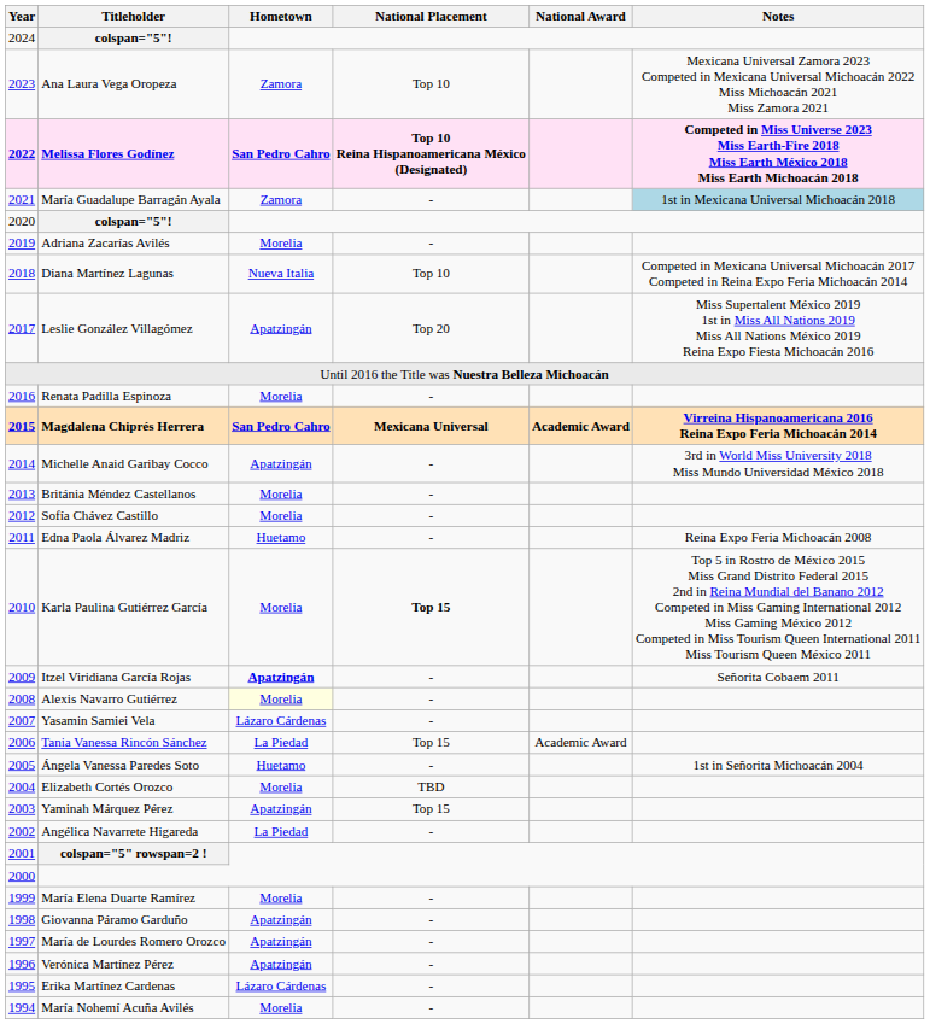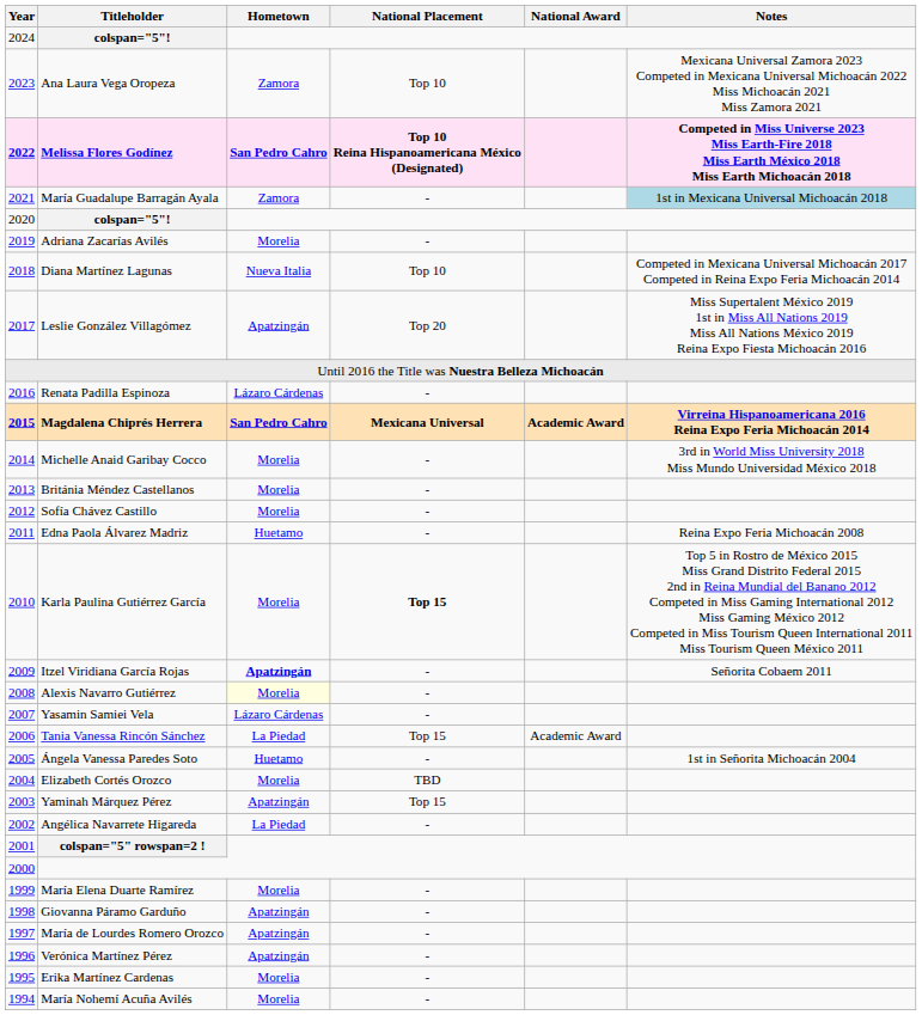 <table class="wikitable sortable" style="font-size:95%;">
 <tr>
 <th>Year</th>
 <th>Titleholder</th>
 <th>Hometown</th>
 <th>National Placement</th>
 <th>National Award</th>
 <th>Notes</th>
 </tr>
 <tr>
 <td align="center">2024</td>
 <th>colspan="5"!</th>
 </tr>
 <tr>
 <td align="center"><a href='#'>2023</a></td>
 <td>Ana Laura Vega Oropeza</td>
 <td align="center"><a href='#'>Zamora</a></td>
 <td align="center">Top 10</td>
 <td align="center"></td>
 <td align="center">Mexicana Universal Zamora 2023<br>Competed in Mexicana Universal Michoacán 2022<br>Miss Michoacán 2021<br>Miss Zamora 2021</td>
 </tr>
 <tr bgcolor="#FFE1F5">
 <td align="center"><strong><a href='#'>2022</a></strong></td>
 <td><strong><a href='#'>Melissa Flores Godínez</a></strong></td>
 <td align="center"><strong><a href='#'>San Pedro Cahro</a></strong></td>
 <td align="center"><strong>Top 10<br>Reina Hispanoamericana México<br>(Designated)</strong></td>
 <td align="center"></td>
 <td align="center"><strong>Competed in <a href='#'>Miss Universe 2023</a><br><a href='#'>Miss Earth-Fire 2018</a><br><a href='#'>Miss Earth México 2018</a><br>Miss Earth Michoacán 2018</strong></td>
 </tr>
 <tr>
 <td align="center"><a href='#'>2021</a></td>
 <td>María Guadalupe Barragán Ayala</td>
 <td align="center"><a href='#'>Zamora</a></td>
 <td align="center">-</td>
 <td align="center"></td>
 <td align="center" style="background: lightblue;">1st in Mexicana Universal Michoacán 2018</td>
 </tr>
 <tr>
 <td align="center">2020</td>
 <th>colspan="5"!</th>
 </tr>
 <tr>
 <td align="center"><a href='#'>2019</a></td>
 <td>Adriana Zacarías Avilés</td>
 <td align="center"><a href='#'>Morelia</a></td>
 <td align="center">-</td>
 <td align="center"></td>
 <td align="center"></td>
 </tr>
 <tr>
 <td align="center"><a href='#'>2018</a></td>
 <td>Diana Martínez Lagunas</td>
 <td align="center"><a href='#'>Nueva Italia</a></td>
 <td align="center">Top 10</td>
 <td align="center"></td>
 <td align="center">Competed in Mexicana Universal Michoacán 2017<br>Competed in Reina Expo Feria Michoacán 2014</td>
 </tr>
 <tr>
 <td align="center"><a href='#'>2017</a></td>
 <td>Leslie González Villagómez</td>
 <td align="center"><a href='#'>Apatzingán</a></td>
 <td align="center">Top 20</td>
 <td align="center"></td>
 <td align="center">Miss Supertalent México 2019<br>1st in <a href='#'>Miss All Nations 2019</a><br>Miss All Nations México 2019<br>Reina Expo Fiesta Michoacán 2016</td>
 </tr>
 <tr>
 <td colspan="6" bgcolor="#EAEAEA" style="text-align:center;">Until 2016 the Title was <strong>Nuestra Belleza Michoacán</strong></td>
 </tr>
 <tr>
 <td align="center"><a href='#'>2016</a></td>
 <td>Renata Padilla Espinoza</td>
-<td align="center"><a href='#'>Morelia</a></td>
+<td align="center"><a href='#'>Lázaro Cárdenas</a></td>
 <td align="center">-</td>
 <td align="center"></td>
 <td align="center"></td>
 </tr>
 <tr bgcolor="#FFE1B6">
 <td align="center"><strong><a href='#'>2015</a></strong></td>
 <td><strong>Magdalena Chiprés Herrera</strong></td>
 <td align="center"><strong><a href='#'>San Pedro Cahro</a></strong></td>
 <td align="center"><strong>Mexicana Universal</strong></td>
 <td align="center"><strong>Academic Award</strong></td>
 <td align="center"><strong><a href='#'>Virreina Hispanoamericana 2016</a><br>Reina Expo Feria Michoacán 2014</strong></td>
 </tr>
 <tr>
 <td align="center"><a href='#'>2014</a></td>
 <td>Michelle Anaid Garibay Cocco</td>
-<td align="center"><a href='#'>Apatzingán</a></td>
+<td align="center"><a href='#'>Morelia</a></td>
 <td align="center">-</td>
 <td align="center"></td>
 <td align="center">3rd in <a href='#'>World Miss University 2018</a><br>Miss Mundo Universidad México 2018</td>
 </tr>
 <tr>
 <td align="center"><a href='#'>2013</a></td>
 <td>Británia Méndez Castellanos</td>
 <td align="center"><a href='#'>Morelia</a></td>
 <td align="center">-</td>
 <td align="center"></td>
 <td align="center"></td>
 </tr>
 <tr>
 <td align="center"><a href='#'>2012</a></td>
 <td>Sofía Chávez Castillo</td>
 <td align="center"><a href='#'>Morelia</a></td>
 <td align="center">-</td>
 <td align="center"></td>
 <td align="center"></td>
 </tr>
 <tr>
 <td align="center"><a href='#'>2011</a></td>
 <td>Edna Paola Álvarez Madriz</td>
 <td align="center"><a href='#'>Huetamo</a></td>
 <td align="center">-</td>
 <td align="center"></td>
 <td align="center">Reina Expo Feria Michoacán 2008</td>
 </tr>
 <tr>
 <td align="center"><a href='#'>2010</a></td>
 <td>Karla Paulina Gutiérrez García</td>
 <td align="center"><a href='#'>Morelia</a></td>
 <td align="center"><strong>Top 15</strong></td>
 <td align="center"></td>
 <td align="center">Top 5 in Rostro de México 2015<br>Miss Grand Distrito Federal 2015<br>2nd in <a href='#'>Reina Mundial del Banano 2012</a><br>Competed in Miss Gaming International 2012<br>Miss Gaming México 2012<br>Competed in Miss Tourism Queen International 2011<br>Miss Tourism Queen México 2011</td>
 </tr>
 <tr>
 <td align="center"><a href='#'>2009</a></td>
 <td>Itzel Viridiana García Rojas</td>
 <td align="center"><strong><a href='#'>Apatzingán</a></strong></td>
 <td align="center">-</td>
 <td align="center"></td>
 <td align="center">Señorita Cobaem 2011</td>
 </tr>
 <tr>
 <td align="center"><a href='#'>2008</a></td>
 <td>Alexis Navarro Gutiérrez</td>
 <td align="center" style="background: lightyellow;"><a href='#'>Morelia</a></td>
 <td align="center">-</td>
 <td align="center"></td>
 <td align="center"></td>
 </tr>
 <tr>
 <td align="center"><a href='#'>2007</a></td>
 <td>Yasamin Samiei Vela</td>
 <td align="center"><a href='#'>Lázaro Cárdenas</a></td>
 <td align="center">-</td>
 <td align="center"></td>
 <td align="center"></td>
 </tr>
 <tr>
 <td align="center"><a href='#'>2006</a></td>
 <td><a href='#'>Tania Vanessa Rincón Sánchez</a></td>
 <td align="center"><a href='#'>La Piedad</a></td>
 <td align="center">Top 15</td>
 <td align="center">Academic Award</td>
 <td align="center"></td>
 </tr>
 <tr>
 <td align="center"><a href='#'>2005</a></td>
 <td>Ángela Vanessa Paredes Soto</td>
 <td align="center"><a href='#'>Huetamo</a></td>
 <td align="center">-</td>
 <td align="center"></td>
 <td align="center">1st in Señorita Michoacán 2004</td>
 </tr>
 <tr>
 <td align="center"><a href='#'>2004</a></td>
 <td>Elizabeth Cortés Orozco</td>
 <td align="center"><a href='#'>Morelia</a></td>
 <td align="center">TBD</td>
 <td align="center"></td>
 <td align="center"></td>
 </tr>
 <tr>
 <td align="center"><a href='#'>2003</a></td>
 <td>Yaminah Márquez Pérez</td>
 <td align="center"><a href='#'>Apatzingán</a></td>
 <td align="center">Top 15</td>
 <td align="center"></td>
 <td align="center"></td>
 </tr>
 <tr>
 <td align="center"><a href='#'>2002</a></td>
 <td>Angélica Navarrete Higareda</td>
 <td align="center"><a href='#'>La Piedad</a></td>
 <td align="center">-</td>
 <td align="center"></td>
 <td align="center"></td>
 </tr>
 <tr>
 <td align="center"><a href='#'>2001</a></td>
 <th>colspan="5" rowspan=2 !</th>
 </tr>
 <tr>
 <td align="center"><a href='#'>2000</a></td>
 </tr>
 <tr>
 <td align="center"><a href='#'>1999</a></td>
 <td>María Elena Duarte Ramírez</td>
 <td align="center"><a href='#'>Morelia</a></td>
 <td align="center">-</td>
 <td align="center"></td>
 <td align="center"></td>
 </tr>
 <tr>
 <td align="center"><a href='#'>1998</a></td>
 <td>Giovanna Páramo Garduño</td>
 <td align="center"><a href='#'>Apatzingán</a></td>
 <td align="center">-</td>
 <td align="center"></td>
 <td align="center"></td>
 </tr>
 <tr>
 <td align="center"><a href='#'>1997</a></td>
 <td>María de Lourdes Romero Orozco</td>
 <td align="center"><a href='#'>Apatzingán</a></td>
 <td align="center">-</td>
 <td align="center"></td>
 <td align="center"></td>
 </tr>
 <tr>
 <td align="center"><a href='#'>1996</a></td>
 <td>Verónica Martínez Pérez</td>
 <td align="center"><a href='#'>Apatzingán</a></td>
 <td align="center">-</td>
 <td align="center"></td>
 <td align="center"></td>
 </tr>
 <tr>
 <td align="center"><a href='#'>1995</a></td>
 <td>Erika Martínez Cardenas</td>
-<td align="center"><a href='#'>Lázaro Cárdenas</a></td>
+<td align="center"><a href='#'>Morelia</a></td>
 <td align="center">-</td>
 <td align="center"></td>
 <td align="center"></td>
 </tr>
 <tr>
 <td align="center"><a href='#'>1994</a></td>
 <td>María Nohemí Acuña Avilés</td>
 <td align="center"><a href='#'>Morelia</a></td>
 <td align="center">-</td>
 <td align="center"></td>
 <td align="center"></td>
 </tr>
 </table>
